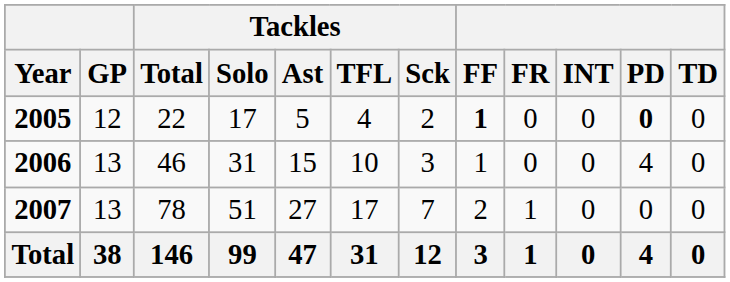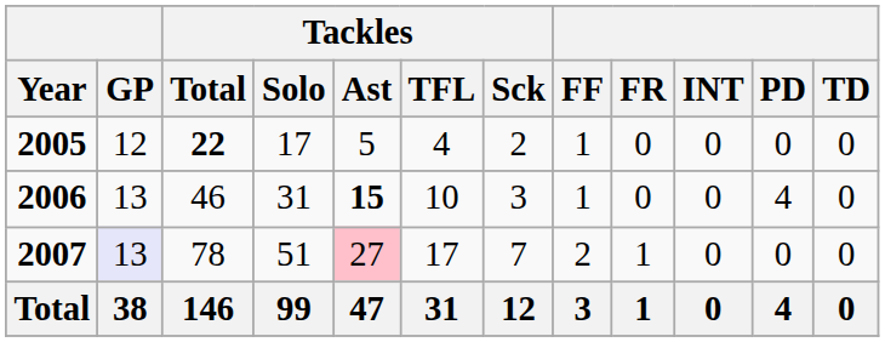 <table class="wikitable">
 <tr>
 <th colspan="2" align="center"></th>
 <th colspan="5" align="center"><strong>Tackles</strong></th>
 <th colspan="5" align="center"></th>
 </tr>
 <tr align="center">
 <th>Year</th>
 <th>GP</th>
 <th>Total</th>
 <th>Solo</th>
 <th>Ast</th>
 <th>TFL</th>
 <th>Sck</th>
 <th>FF</th>
 <th>FR</th>
 <th>INT</th>
 <th>PD</th>
 <th>TD</th>
 </tr>
 <tr align="center">
 <td><strong>2005</strong></td>
 <td>12</td>
-<td>22</td>
+<td><strong>22</strong></td>
 <td>17</td>
 <td>5</td>
 <td>4</td>
 <td>2</td>
-<td><strong>1</strong></td>
+<td>1</td>
 <td>0</td>
 <td>0</td>
-<td><strong>0</strong></td>
+<td>0</td>
 <td>0</td>
 </tr>
 <tr align="center">
 <td><strong>2006</strong></td>
 <td>13</td>
 <td>46</td>
 <td>31</td>
-<td>15</td>
+<td><strong>15</strong></td>
 <td>10</td>
 <td>3</td>
 <td>1</td>
 <td>0</td>
 <td>0</td>
 <td>4</td>
 <td>0</td>
 </tr>
 <tr align="center">
 <td><strong>2007</strong></td>
-<td>13</td>
+<td style="background: lavender;">13</td>
 <td>78</td>
 <td>51</td>
-<td>27</td>
+<td style="background: pink;">27</td>
 <td>17</td>
 <td>7</td>
 <td>2</td>
 <td>1</td>
 <td>0</td>
 <td>0</td>
 <td>0</td>
 </tr>
 <tr align="center">
 <th><strong>Total</strong></th>
 <th>38</th>
 <th>146</th>
 <th>99</th>
 <th>47</th>
 <th>31</th>
 <th>12</th>
 <th>3</th>
 <th>1</th>
 <th>0</th>
 <th>4</th>
 <th>0</th>
 </tr>
 </table>
